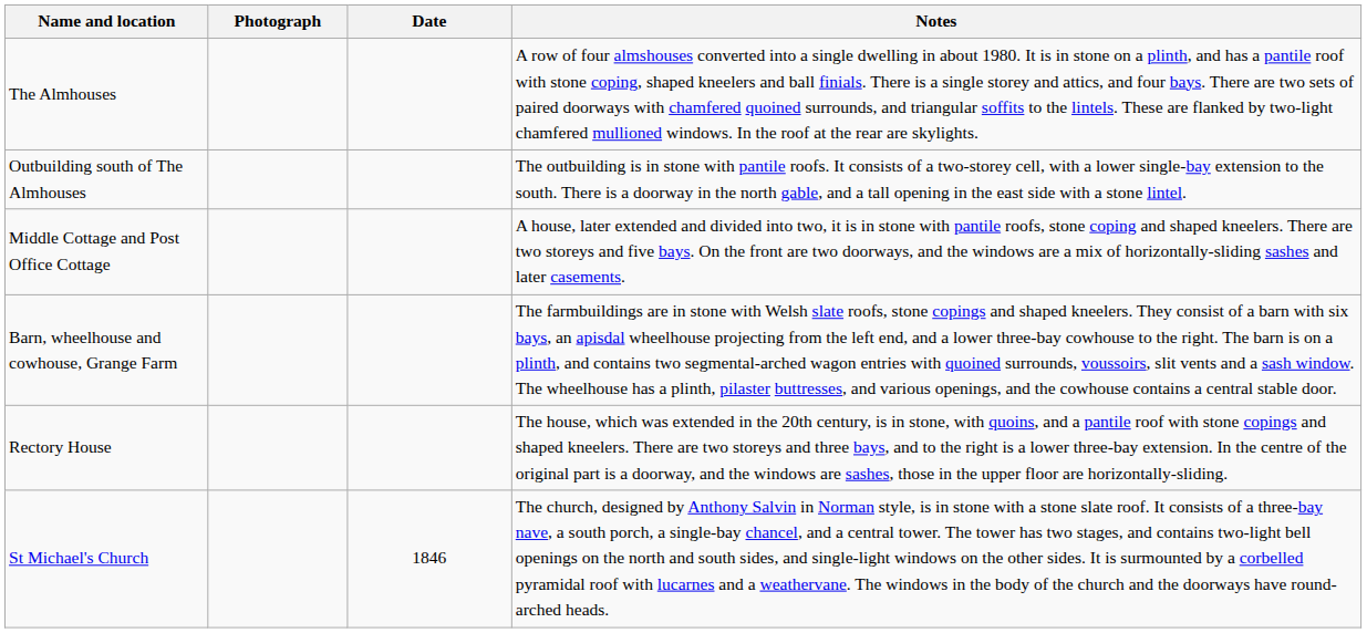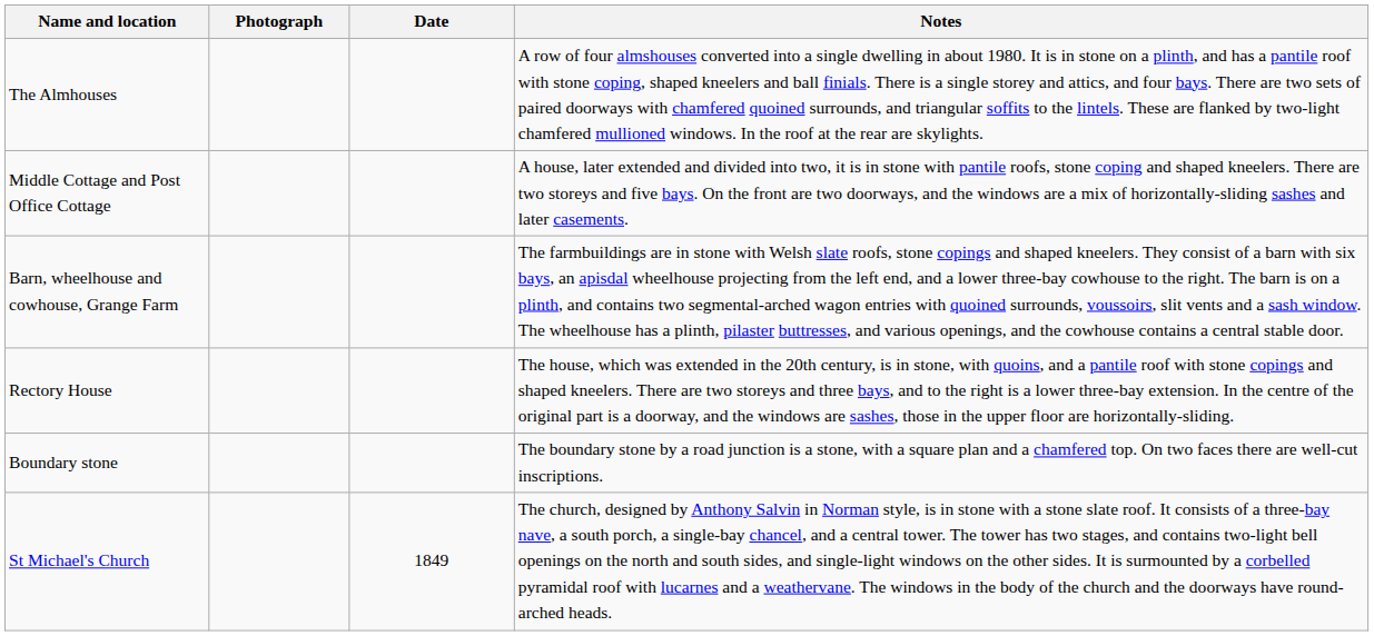 <table class="wikitable sortable plainrowheaders" style="width:100%;border:0px;text-align:left;line-height:150%;">
 <tr>
 <th scope="col"  style="width:150px">Name and location</th>
 <th scope="col"  style="width:100px" class="unsortable">Photograph</th>
 <th scope="col"  style="width:120px">Date</th>
 <th scope="col"  style="width:650px" class="unsortable">Notes</th>
 </tr>
 <tr>
 <td>The Almhouses<br><small></small></td>
 <td></td>
 <td align="center"></td>
 <td>A row of four <a href='#'>almshouses</a> converted into a single dwelling in about 1980.  It is in stone on a <a href='#'>plinth</a>, and has a <a href='#'>pantile</a> roof with stone <a href='#'>coping</a>, shaped kneelers and ball <a href='#'>finials</a>.  There is a single storey and attics, and four <a href='#'>bays</a>.  There are two sets of paired doorways with <a href='#'>chamfered</a> <a href='#'>quoined</a> surrounds, and triangular <a href='#'>soffits</a> to the <a href='#'>lintels</a>.  These are flanked by two-light chamfered <a href='#'>mullioned</a> windows.  In the roof at the rear are skylights.</td>
-</tr>
-<tr>
-<td>Outbuilding south of The Almhouses<br><small></small></td>
-<td></td>
-<td align="center"></td>
-<td>The outbuilding is in stone with <a href='#'>pantile</a> roofs.  It consists of a two-storey cell, with a lower single-<a href='#'>bay</a> extension to the south.  There is a doorway in the north <a href='#'>gable</a>, and a tall opening in the east side with a stone <a href='#'>lintel</a>.</td>
 </tr>
 <tr>
 <td>Middle Cottage and Post Office Cottage<br><small></small></td>
 <td></td>
 <td align="center"></td>
 <td>A house, later extended and divided into two, it is in stone with <a href='#'>pantile</a> roofs, stone <a href='#'>coping</a> and shaped kneelers.  There are two storeys and five <a href='#'>bays</a>.  On the front are two doorways, and the windows are a mix of horizontally-sliding <a href='#'>sashes</a> and later <a href='#'>casements</a>.</td>
 </tr>
 <tr>
 <td>Barn, wheelhouse and cowhouse, Grange Farm<br><small></small></td>
 <td></td>
 <td align="center"></td>
 <td>The farmbuildings are in stone with Welsh <a href='#'>slate</a> roofs, stone <a href='#'>copings</a> and shaped kneelers.  They consist of a barn with six <a href='#'>bays</a>, an <a href='#'>apisdal</a> wheelhouse projecting from the left end, and a lower three-bay cowhouse to the right.  The barn is on a <a href='#'>plinth</a>, and contains two segmental-arched wagon entries with <a href='#'>quoined</a> surrounds, <a href='#'>voussoirs</a>, slit vents and a <a href='#'>sash window</a>.  The wheelhouse has a plinth, <a href='#'>pilaster</a> <a href='#'>buttresses</a>, and various openings, and the cowhouse contains a central stable door.</td>
 </tr>
 <tr>
 <td>Rectory House<br><small></small></td>
 <td></td>
 <td align="center"></td>
 <td>The house, which was extended in the 20th century, is in stone, with <a href='#'>quoins</a>, and a <a href='#'>pantile</a> roof with stone <a href='#'>copings</a> and shaped kneelers.  There are two storeys and three <a href='#'>bays</a>, and to the right is a lower three-bay extension.  In the centre of the original part is a doorway, and the windows are <a href='#'>sashes</a>, those in the upper floor are horizontally-sliding.</td>
 </tr>
 <tr>
+<td>Boundary stone<br><small></small></td>
+<td></td>
+<td align="center"></td>
+<td>The boundary stone by a road junction is a stone, with a square plan and a <a href='#'>chamfered</a> top.  On two faces there are well-cut inscriptions.</td>
+</tr>
+<tr>
 <td><a href='#'>St Michael's Church</a><br><small></small></td>
 <td></td>
-<td align="center">1846</td>
+<td align="center">1849</td>
 <td>The church, designed by <a href='#'>Anthony Salvin</a> in <a href='#'>Norman</a> style, is in stone with a stone slate roof.  It consists of a three-<a href='#'>bay</a> <a href='#'>nave</a>, a south porch, a single-bay <a href='#'>chancel</a>, and a central tower.  The tower has two stages, and contains two-light bell openings on the north and south sides, and single-light windows on the other sides.  It is surmounted by a <a href='#'>corbelled</a> pyramidal roof with <a href='#'>lucarnes</a> and a <a href='#'>weathervane</a>.  The windows in the body of the church and the doorways have round-arched heads.</td>
 </tr>
 <tr>
 </tr>
 </table>
